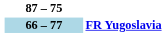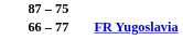 <table style="text-align:center">
 <tr>
 <th width=200></th>
 <th width=100></th>
 <th width=200></th>
 </tr>
 <tr>
 <td align=right><strong></strong></td>
 <td><strong>87 – 75</strong></td>
 <td align=left></td>
 </tr>
 <tr>
 <td align=right></td>
-<td style="background: lightblue;"><strong>66 – 77</strong></td>
+<td><strong>66 – 77</strong></td>
 <td align=left><strong> <a href='#'>FR Yugoslavia</a></strong></td>
 </tr>
 </table>
